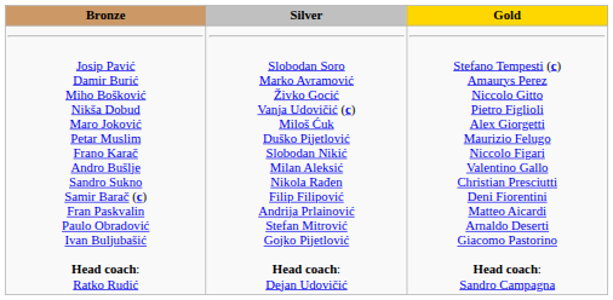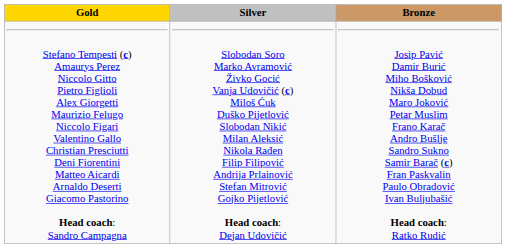 <table class="wikitable">
 <tr>
+<th style="text-align:center; width:15em; background-color:gold;">Gold</th>
+<th style="text-align:center; width:15em; background-color:silver;">Silver</th>
 <th style="text-align:center; width:15em; background-color:#CC9966;">Bronze</th>
-<th style="text-align:center; width:15em; background-color:silver;">Silver</th>
-<th style="text-align:center; width:15em; background-color:gold;">Gold</th>
 </tr>
 <tr>
+<td style="text-align:center; vertical-align:top;"><strong></strong> <hr><br><a href='#'>Stefano Tempesti</a> (<a href='#'><strong>c</strong></a>)<br><a href='#'>Amaurys Perez</a><br><a href='#'>Niccolo Gitto</a><br><a href='#'>Pietro Figlioli</a><br><a href='#'>Alex Giorgetti</a><br><a href='#'>Maurizio Felugo</a><br><a href='#'>Niccolo Figari</a><br><a href='#'>Valentino Gallo</a><br><a href='#'>Christian Presciutti</a><br><a href='#'>Deni Fiorentini</a><br><a href='#'>Matteo Aicardi</a><br><a href='#'>Arnaldo Deserti</a><br><a href='#'>Giacomo Pastorino</a><br><br><strong>Head coach</strong>: <br><a href='#'>Sandro Campagna</a></td>
+<td style="text-align:center; vertical-align:top;"><strong></strong> <hr><br><a href='#'>Slobodan Soro</a><br><a href='#'>Marko Avramović</a><br><a href='#'>Živko Gocić</a><br><a href='#'>Vanja Udovičić</a> (<a href='#'><strong>c</strong></a>)<br><a href='#'>Miloš Ćuk</a><br><a href='#'>Duško Pijetlović</a><br><a href='#'>Slobodan Nikić</a><br><a href='#'>Milan Aleksić</a><br><a href='#'>Nikola Rađen</a><br><a href='#'>Filip Filipović</a><br><a href='#'>Andrija Prlainović</a><br><a href='#'>Stefan Mitrović</a><br><a href='#'>Gojko Pijetlović</a><br><br><strong>Head coach</strong>: <br><a href='#'>Dejan Udovičić</a></td>
 <td style="text-align:center; vertical-align:top;"><strong></strong> <hr><br><a href='#'>Josip Pavić</a><br><a href='#'>Damir Burić</a><br><a href='#'>Miho Bošković</a><br><a href='#'>Nikša Dobud</a><br><a href='#'>Maro Joković</a><br><a href='#'>Petar Muslim</a><br><a href='#'>Frano Karač</a><br><a href='#'>Andro Bušlje</a><br><a href='#'>Sandro Sukno</a><br><a href='#'>Samir Barač</a> (<a href='#'><strong>c</strong></a>)<br><a href='#'>Fran Paskvalin</a><br><a href='#'>Paulo Obradović</a><br><a href='#'>Ivan Buljubašić</a><br><br><strong>Head coach</strong>: <br><a href='#'>Ratko Rudić</a></td>
-<td style="text-align:center; vertical-align:top;"><strong></strong> <hr><br><a href='#'>Slobodan Soro</a><br><a href='#'>Marko Avramović</a><br><a href='#'>Živko Gocić</a><br><a href='#'>Vanja Udovičić</a> (<a href='#'><strong>c</strong></a>)<br><a href='#'>Miloš Ćuk</a><br><a href='#'>Duško Pijetlović</a><br><a href='#'>Slobodan Nikić</a><br><a href='#'>Milan Aleksić</a><br><a href='#'>Nikola Rađen</a><br><a href='#'>Filip Filipović</a><br><a href='#'>Andrija Prlainović</a><br><a href='#'>Stefan Mitrović</a><br><a href='#'>Gojko Pijetlović</a><br><br><strong>Head coach</strong>: <br><a href='#'>Dejan Udovičić</a></td>
-<td style="text-align:center; vertical-align:top;"><strong></strong> <hr><br><a href='#'>Stefano Tempesti</a> (<a href='#'><strong>c</strong></a>)<br><a href='#'>Amaurys Perez</a><br><a href='#'>Niccolo Gitto</a><br><a href='#'>Pietro Figlioli</a><br><a href='#'>Alex Giorgetti</a><br><a href='#'>Maurizio Felugo</a><br><a href='#'>Niccolo Figari</a><br><a href='#'>Valentino Gallo</a><br><a href='#'>Christian Presciutti</a><br><a href='#'>Deni Fiorentini</a><br><a href='#'>Matteo Aicardi</a><br><a href='#'>Arnaldo Deserti</a><br><a href='#'>Giacomo Pastorino</a><br><br><strong>Head coach</strong>: <br><a href='#'>Sandro Campagna</a></td>
 </tr>
 </table>
